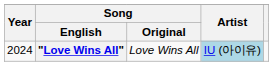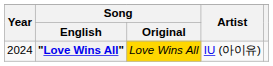 <table class="wikitable plainrowheaders">
 <tr>
 </tr>
 <tr>
 <th scope=col rowspan=2>Year</th>
 <th scope=col colspan=2>Song</th>
 <th scope=col rowspan=2>Artist</th>
 <th scope=col rowspan=2></th>
 </tr>
 <tr>
 <th scope=col>English</th>
 <th scope=col>Original</th>
 </tr>
 <tr>
 <td>2024</td>
 <th scope=row>"<a href='#'>Love Wins All</a>"</th>
-<td><em>Love Wins All</em></td>
-<td style="background: lightblue;"><a href='#'>IU</a> (아이유)</td>
+<td style="background: gold;"><em>Love Wins All</em></td>
+<td><a href='#'>IU</a> (아이유)</td>
 <td align="center"></td>
 </tr>
 </table>
